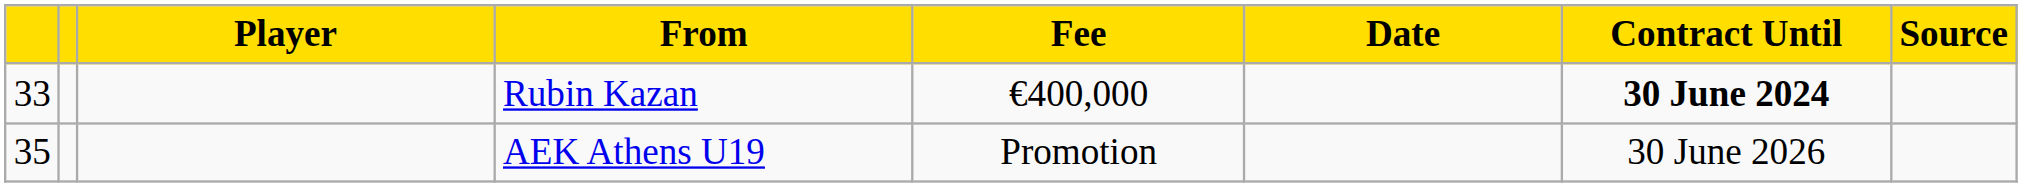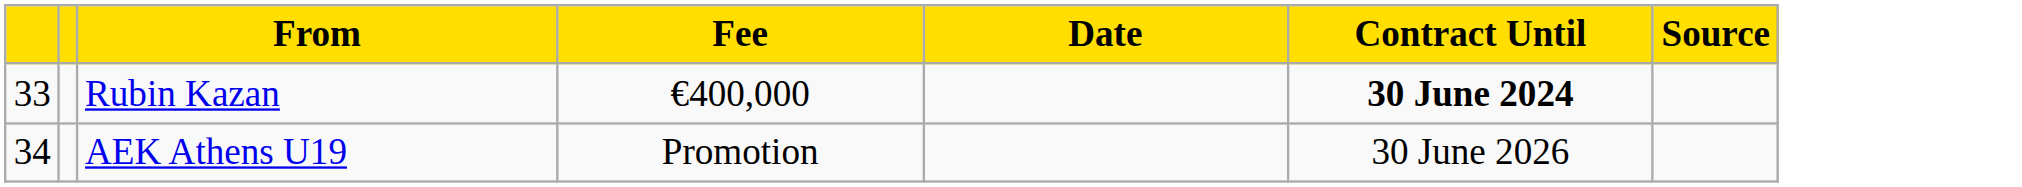 <table class="wikitable sortable">
 <tr>
 <th style="background:#FFDE00"></th>
 <th style="background:#FFDE00"></th>
-<th width=200 style="background:#FFDE00">Player</th>
 <th width=200 style="background:#FFDE00">From</th>
 <th width=150 style="background:#FFDE00">Fee</th>
 <th width=150 style="background:#FFDE00">Date</th>
 <th width=150 style="background:#FFDE00">Contract Until</th>
 <th style="background:#FFDE00">Source</th>
 </tr>
 <tr>
 <td align=center>33</td>
 <td align=center></td>
-<td></td>
 <td> <a href='#'>Rubin Kazan</a></td>
 <td align=center>€400,000</td>
 <td align=center></td>
 <td align=center><strong>30 June 2024</strong></td>
 <td align=center></td>
 </tr>
 <tr>
-<td align=center>35</td>
+<td align=center>34</td>
 <td align=center></td>
-<td></td>
 <td> <a href='#'>AEK Athens U19</a></td>
 <td align=center>Promotion</td>
 <td align=center></td>
 <td align=center>30 June 2026</td>
 <td align=center></td>
 </tr>
 </table>
